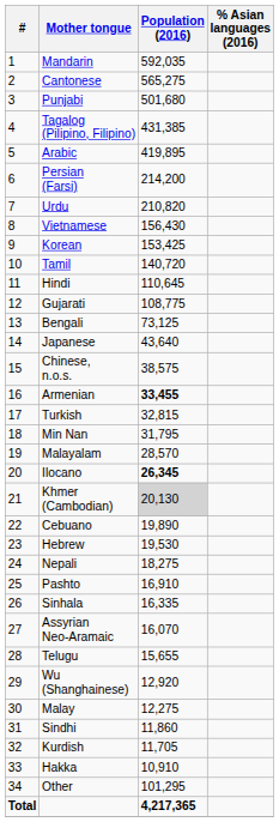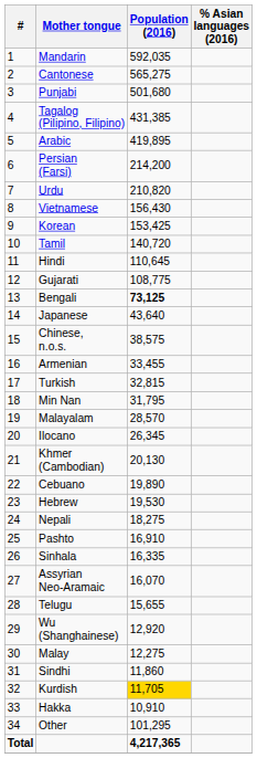 <table class="wikitable sortable">
 <tr>
 <th>#</th>
 <th><a href='#'>Mother tongue</a></th>
 <th><a href='#'>Population</a><br>(<a href='#'>2016</a>)</th>
 <th>% Asian<br>languages<br>(2016)</th>
 </tr>
 <tr>
 <td>1</td>
 <td><a href='#'>Mandarin</a></td>
 <td>592,035</td>
 <td></td>
 </tr>
 <tr>
 <td>2</td>
 <td><a href='#'>Cantonese</a></td>
 <td>565,275</td>
 <td></td>
 </tr>
 <tr>
 <td>3</td>
 <td><a href='#'>Punjabi</a></td>
 <td>501,680</td>
 <td></td>
 </tr>
 <tr>
 <td>4</td>
 <td><a href='#'>Tagalog<br>(Pilipino, Filipino)</a></td>
 <td>431,385</td>
 <td></td>
 </tr>
 <tr>
 <td>5</td>
 <td><a href='#'>Arabic</a></td>
 <td>419,895</td>
 <td></td>
 </tr>
 <tr>
 <td>6</td>
 <td><a href='#'>Persian<br>(Farsi)</a></td>
 <td>214,200</td>
 <td></td>
 </tr>
 <tr>
 <td>7</td>
 <td><a href='#'>Urdu</a></td>
 <td>210,820</td>
 <td></td>
 </tr>
 <tr>
 <td>8</td>
 <td><a href='#'>Vietnamese</a></td>
 <td>156,430</td>
 <td></td>
 </tr>
 <tr>
 <td>9</td>
 <td><a href='#'>Korean</a></td>
 <td>153,425</td>
 <td></td>
 </tr>
 <tr>
 <td>10</td>
 <td><a href='#'>Tamil</a></td>
 <td>140,720</td>
 <td></td>
 </tr>
 <tr>
 <td>11</td>
 <td>Hindi</td>
 <td>110,645</td>
 <td></td>
 </tr>
 <tr>
 <td>12</td>
 <td>Gujarati</td>
 <td>108,775</td>
 <td></td>
 </tr>
 <tr>
 <td>13</td>
 <td>Bengali</td>
-<td>73,125</td>
+<td><strong>73,125</strong></td>
 <td></td>
 </tr>
 <tr>
 <td>14</td>
 <td>Japanese</td>
 <td>43,640</td>
 <td></td>
 </tr>
 <tr>
 <td>15</td>
 <td>Chinese,<br>n.o.s.</td>
 <td>38,575</td>
 <td></td>
 </tr>
 <tr>
 <td>16</td>
 <td>Armenian</td>
-<td><strong>33,455</strong></td>
+<td>33,455</td>
 <td></td>
 </tr>
 <tr>
 <td>17</td>
 <td>Turkish</td>
 <td>32,815</td>
 <td></td>
 </tr>
 <tr>
 <td>18</td>
 <td>Min Nan</td>
 <td>31,795</td>
 <td></td>
 </tr>
 <tr>
 <td>19</td>
 <td>Malayalam</td>
 <td>28,570</td>
 <td></td>
 </tr>
 <tr>
 <td>20</td>
 <td>Ilocano</td>
-<td><strong>26,345</strong></td>
+<td>26,345</td>
 <td></td>
 </tr>
 <tr>
 <td>21</td>
 <td>Khmer<br>(Cambodian)</td>
-<td style="background: lightgrey;">20,130</td>
+<td>20,130</td>
 <td></td>
 </tr>
 <tr>
 <td>22</td>
 <td>Cebuano</td>
 <td>19,890</td>
 <td></td>
 </tr>
 <tr>
 <td>23</td>
 <td>Hebrew</td>
 <td>19,530</td>
 <td></td>
 </tr>
 <tr>
 <td>24</td>
 <td>Nepali</td>
 <td>18,275</td>
 <td></td>
 </tr>
 <tr>
 <td>25</td>
 <td>Pashto</td>
 <td>16,910</td>
 <td></td>
 </tr>
 <tr>
 <td>26</td>
 <td>Sinhala</td>
 <td>16,335</td>
 <td></td>
 </tr>
 <tr>
 <td>27</td>
 <td>Assyrian<br>Neo-Aramaic</td>
 <td>16,070</td>
 <td></td>
 </tr>
 <tr>
 <td>28</td>
 <td>Telugu</td>
 <td>15,655</td>
 <td></td>
 </tr>
 <tr>
 <td>29</td>
 <td>Wu<br>(Shanghainese)</td>
 <td>12,920</td>
 <td></td>
 </tr>
 <tr>
 <td>30</td>
 <td>Malay</td>
 <td>12,275</td>
 <td></td>
 </tr>
 <tr>
 <td>31</td>
 <td>Sindhi</td>
 <td>11,860</td>
 <td></td>
 </tr>
 <tr>
 <td>32</td>
 <td>Kurdish</td>
-<td>11,705</td>
+<td style="background: gold;">11,705</td>
 <td></td>
 </tr>
 <tr>
 <td>33</td>
 <td>Hakka</td>
 <td>10,910</td>
 <td></td>
 </tr>
 <tr>
 <td>34</td>
 <td>Other</td>
 <td>101,295</td>
 <td></td>
 </tr>
 <tr>
 <td><strong>Total</strong></td>
 <td></td>
 <td><strong>4,217,365</strong></td>
 <td><strong></strong></td>
 </tr>
 <tr>
 </tr>
 </table>
